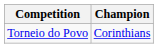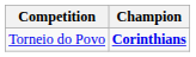 <table class="wikitable">
 <tr>
 <th>Competition</th>
 <th>Champion</th>
 </tr>
 <tr>
 <td><a href='#'>Torneio do Povo</a></td>
-<td><a href='#'>Corinthians</a></td>
+<td><strong><a href='#'>Corinthians</a></strong></td>
 </tr>
 </table>
